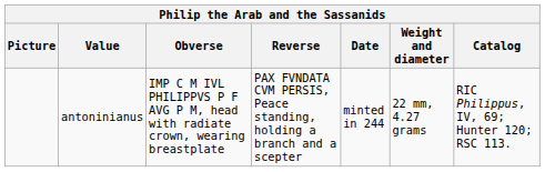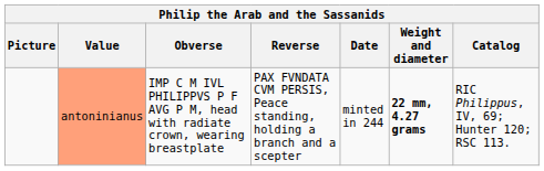 <table class="wikitable">
 <tr>
 <th colspan="7">Philip the Arab and the Sassanids</th>
 </tr>
 <tr>
 <th>Picture</th>
 <th>Value</th>
 <th>Obverse</th>
 <th>Reverse</th>
 <th>Date</th>
 <th>Weight and diameter</th>
 <th>Catalog</th>
 </tr>
 <tr>
 <td></td>
-<td>antoninianus</td>
+<td style="background: lightsalmon;">antoninianus</td>
 <td>IMP C M IVL PHILIPPVS P F AVG P M, head with radiate crown, wearing breastplate</td>
 <td>PAX FVNDATA CVM PERSIS, Peace standing, holding a branch and a scepter</td>
 <td>minted in 244</td>
-<td>22 mm, 4.27 grams</td>
+<td><strong>22 mm, 4.27 grams</strong></td>
 <td>RIC <em>Philippus</em>, IV, 69; Hunter 120; RSC 113.</td>
 </tr>
 </table>
